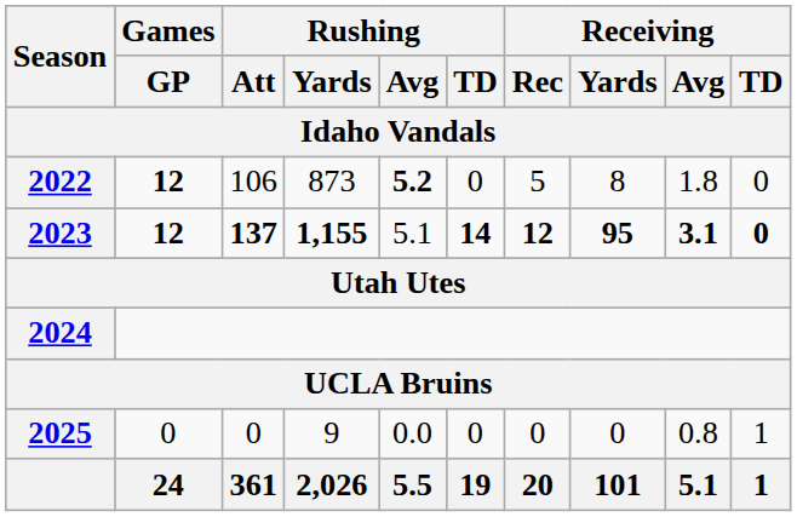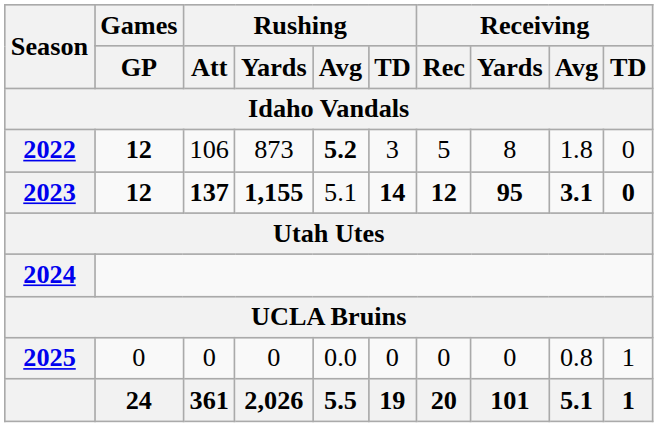 <table class="wikitable" style="text-align:center;">
 <tr>
 <th rowspan="2">Season</th>
 <th>Games</th>
 <th colspan="4">Rushing</th>
 <th colspan="4">Receiving</th>
 </tr>
 <tr>
 <th>GP</th>
 <th>Att</th>
 <th>Yards</th>
 <th>Avg</th>
 <th>TD</th>
 <th>Rec</th>
 <th>Yards</th>
 <th>Avg</th>
 <th>TD</th>
 </tr>
 <tr>
 <th colspan="12">Idaho Vandals</th>
 </tr>
 <tr>
 <th><a href='#'>2022</a></th>
 <td><strong>12</strong></td>
 <td>106</td>
 <td>873</td>
 <td><strong>5.2</strong></td>
-<td>0</td>
+<td>3</td>
 <td>5</td>
 <td>8</td>
 <td>1.8</td>
 <td>0</td>
 </tr>
 <tr>
 <th><a href='#'>2023</a></th>
 <td><strong>12</strong></td>
 <td><strong>137</strong></td>
 <td><strong>1,155</strong></td>
 <td>5.1</td>
 <td><strong>14</strong></td>
 <td><strong>12</strong></td>
 <td><strong>95</strong></td>
 <td><strong>3.1</strong></td>
 <td><strong>0</strong></td>
 </tr>
 <tr>
 <th colspan="12">Utah Utes</th>
 </tr>
 <tr>
 <th><a href='#'>2024</a></th>
 <td colspan="11"></td>
 </tr>
 <tr>
 <th colspan="12">UCLA Bruins</th>
 </tr>
 <tr>
 <th><a href='#'>2025</a></th>
 <td>0</td>
 <td>0</td>
-<td>9</td>
+<td>0</td>
 <td>0.0</td>
 <td>0</td>
 <td>0</td>
 <td>0</td>
 <td>0.8</td>
 <td>1</td>
 </tr>
 <tr>
 <th></th>
 <th>24</th>
 <th>361</th>
 <th>2,026</th>
 <th>5.5</th>
 <th>19</th>
 <th>20</th>
 <th>101</th>
 <th>5.1</th>
 <th>1</th>
 </tr>
 </table>
